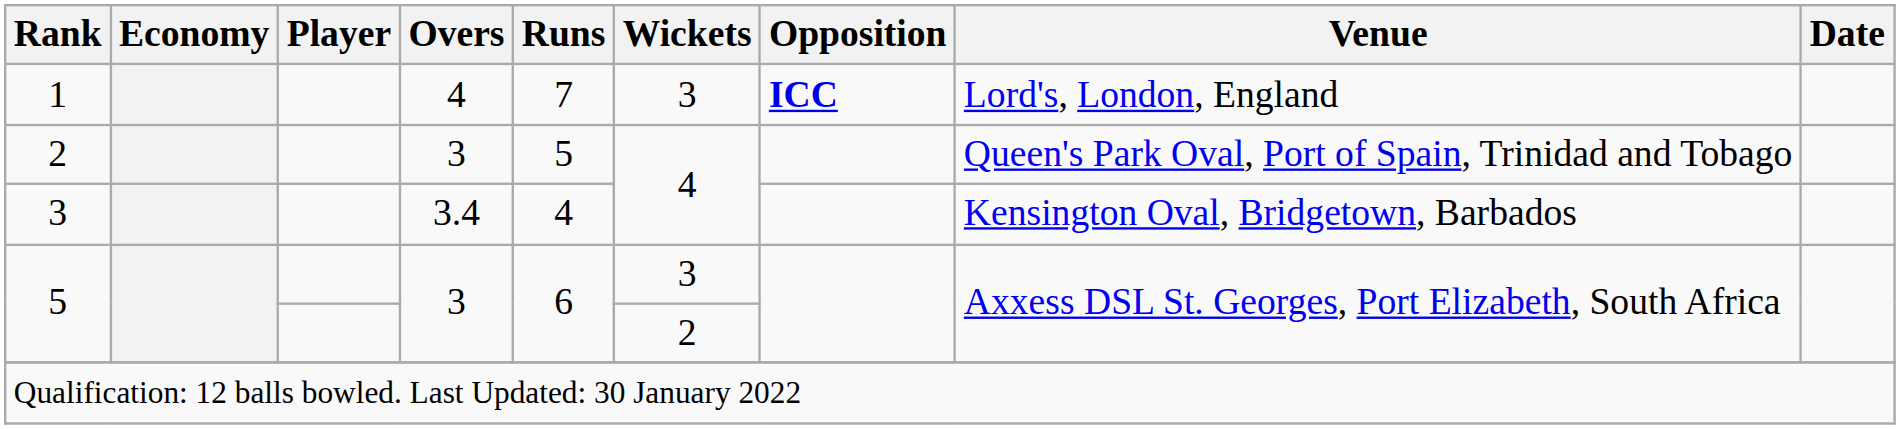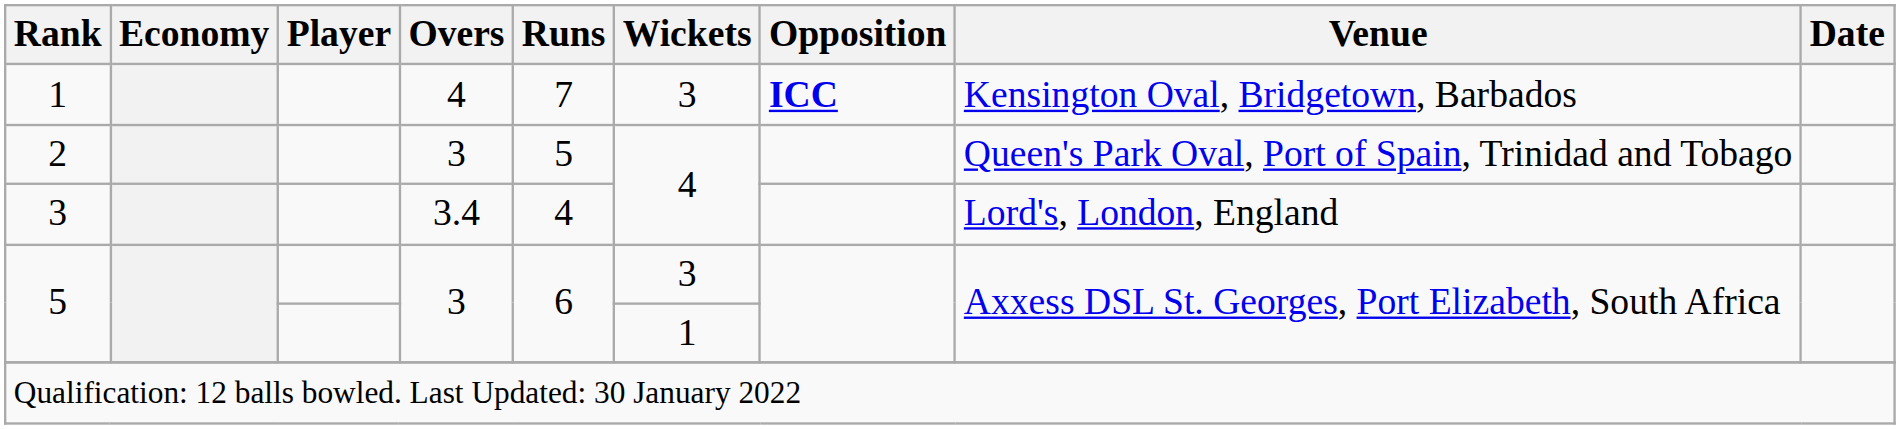 <table class="wikitable plainrowheaders sortable">
 <tr>
 <th scope=col>Rank</th>
 <th scope=col>Economy</th>
 <th scope=col>Player</th>
 <th scope=col>Overs</th>
 <th scope=col>Runs</th>
 <th scope=col>Wickets</th>
 <th scope=col>Opposition</th>
 <th scope=col>Venue</th>
 <th scope=col>Date</th>
 </tr>
 <tr>
 <td align=center>1</td>
 <th scope=row style=text-align:center;></th>
 <td></td>
 <td align=center>4</td>
 <td align=center>7</td>
 <td align=center>3</td>
 <td><strong><a href='#'>ICC</a></strong></td>
-<td><a href='#'>Lord's</a>, <a href='#'>London</a>, England</td>
+<td><a href='#'>Kensington Oval</a>, <a href='#'>Bridgetown</a>, Barbados</td>
 <td></td>
 </tr>
 <tr>
 <td align=center>2</td>
 <th scope=row style=text-align:center;></th>
 <td></td>
 <td align=center>3</td>
 <td align=center>5</td>
 <td align=center rowspan=2>4</td>
 <td></td>
 <td><a href='#'>Queen's Park Oval</a>, <a href='#'>Port of Spain</a>, Trinidad and Tobago</td>
 <td></td>
 </tr>
 <tr>
 <td align=center>3</td>
 <th scope=row style=text-align:center;></th>
 <td></td>
 <td align=center>3.4</td>
 <td align=center>4</td>
 <td></td>
-<td><a href='#'>Kensington Oval</a>, <a href='#'>Bridgetown</a>, Barbados</td>
+<td><a href='#'>Lord's</a>, <a href='#'>London</a>, England</td>
 <td></td>
 </tr>
 <tr>
 <td align=center rowspan=2>5</td>
 <th scope=row style=text-align:center; rowspan=2></th>
 <td></td>
 <td align=center rowspan=2>3</td>
 <td align=center rowspan=2>6</td>
 <td align=center>3</td>
 <td rowspan=2></td>
 <td rowspan=2><a href='#'>Axxess DSL St. Georges</a>, <a href='#'>Port Elizabeth</a>, South Africa</td>
 <td rowspan=2></td>
 </tr>
 <tr>
 <td></td>
-<td align=center>2</td>
+<td align=center>1</td>
 </tr>
 <tr>
 </tr>
 <tr class=sortbottom>
 <td colspan=9><small>Qualification: 12 balls bowled. Last Updated: 30 January 2022</small></td>
 </tr>
 </table>
